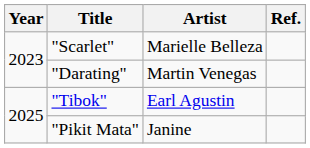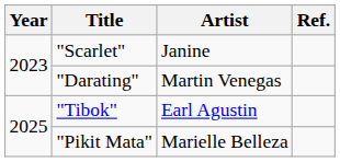 <table class="wikitable sortable">
 <tr>
 <th>Year</th>
 <th>Title</th>
 <th>Artist</th>
 <th>Ref.</th>
 </tr>
 <tr>
 <td rowspan='2'>2023</td>
 <td>"Scarlet"</td>
-<td>Marielle Belleza</td>
+<td>Janine</td>
 <td></td>
 </tr>
 <tr>
 <td>"Darating"</td>
 <td>Martin Venegas</td>
 <td></td>
 </tr>
 <tr>
 <td rowspan='2'>2025</td>
 <td><a href='#'>"Tibok"</a></td>
 <td><a href='#'>Earl Agustin</a></td>
 <td></td>
 </tr>
 <tr>
 <td>"Pikit Mata"</td>
-<td>Janine</td>
+<td>Marielle Belleza</td>
 <td></td>
 </tr>
 </table>
